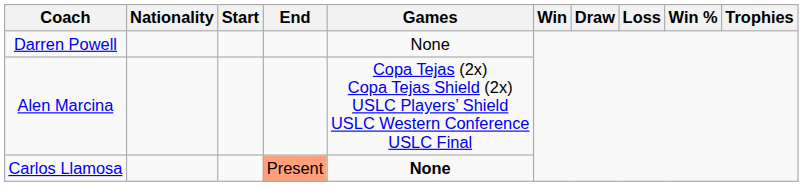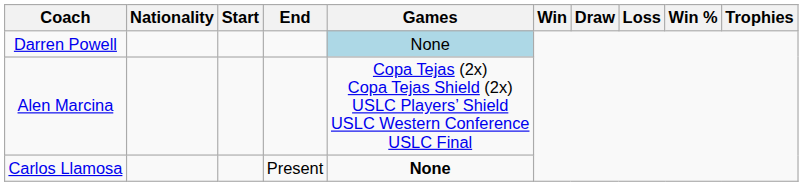 <table class="wikitable sortable" style="text-align:center; margin-left: lem; font-size:90%;">
 <tr>
 <th>Coach</th>
 <th>Nationality</th>
 <th>Start</th>
 <th>End</th>
 <th>Games</th>
 <th><strong>Win</strong></th>
 <th>Draw</th>
 <th>Loss</th>
 <th>Win %</th>
 <th>Trophies</th>
 </tr>
 <tr>
 <td><a href='#'>Darren Powell</a></td>
 <td></td>
 <td></td>
 <td><br></td>
-<td>None</td>
+<td style="background: lightblue;">None</td>
 </tr>
 <tr>
 <td><a href='#'>Alen Marcina</a></td>
 <td></td>
 <td></td>
 <td><br></td>
 <td><a href='#'>Copa Tejas</a> (2x)<br><a href='#'>Copa Tejas Shield</a> (2x)<br><a href='#'>USLC Players’ Shield</a><br><a href='#'>USLC Western Conference</a><br><a href='#'>USLC Final</a></td>
 </tr>
 <tr>
 <td><a href='#'>Carlos Llamosa</a></td>
 <td></td>
 <td></td>
-<td style="background: lightsalmon;">Present<br></td>
+<td>Present<br></td>
 <td><strong>None</strong></td>
 </tr>
 </table>
